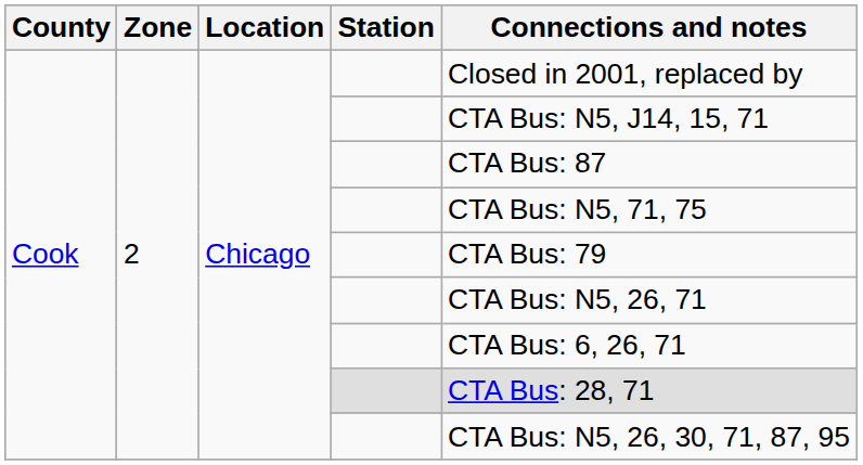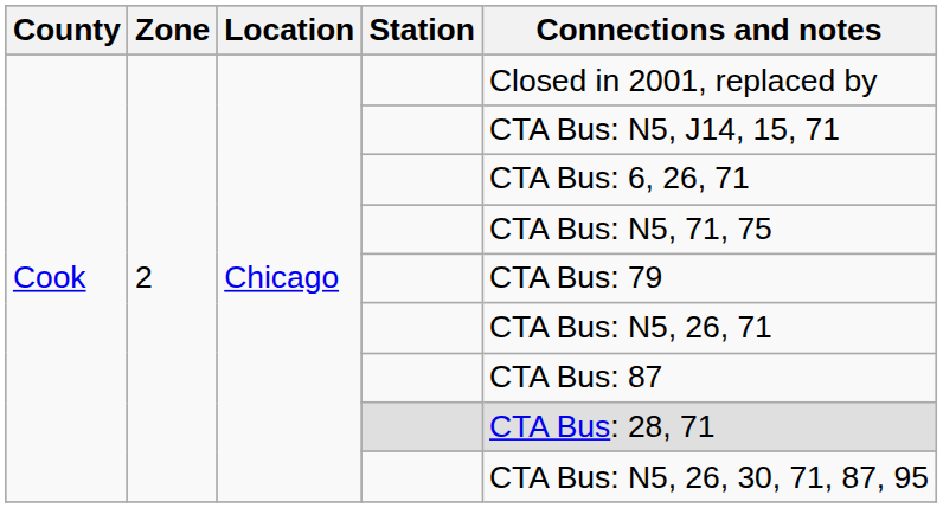 <table class="wikitable">
 <tr>
 <th>County</th>
 <th>Zone</th>
 <th>Location</th>
 <th>Station</th>
 <th>Connections and notes</th>
 </tr>
 <tr>
 <td rowspan=9><a href='#'>Cook</a></td>
 <td rowspan=9>2</td>
 <td rowspan=9><a href='#'>Chicago</a></td>
 <td></td>
 <td>Closed in 2001, replaced by </td>
 </tr>
 <tr>
 <td></td>
 <td> CTA Bus: N5, J14, 15, 71</td>
 </tr>
 <tr>
 <td></td>
-<td> CTA Bus: 87</td>
+<td> CTA Bus: 6, 26, 71</td>
 </tr>
 <tr>
 <td></td>
 <td> CTA Bus: N5, 71, 75</td>
 </tr>
 <tr>
 <td></td>
 <td> CTA Bus: 79</td>
 </tr>
 <tr>
 <td></td>
 <td> CTA Bus: N5, 26, 71</td>
 </tr>
 <tr>
 <td></td>
-<td> CTA Bus: 6, 26, 71</td>
+<td> CTA Bus: 87</td>
 </tr>
 <tr bgcolor=dfdfdf>
 <td></td>
 <td> <a href='#'>CTA Bus</a>: 28, 71</td>
 </tr>
 <tr>
 <td></td>
 <td> CTA Bus: N5, 26, 30, 71, 87, 95</td>
 </tr>
 </table>
